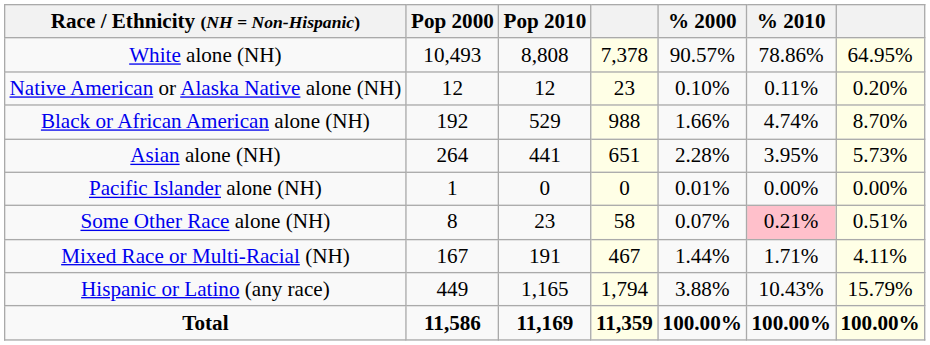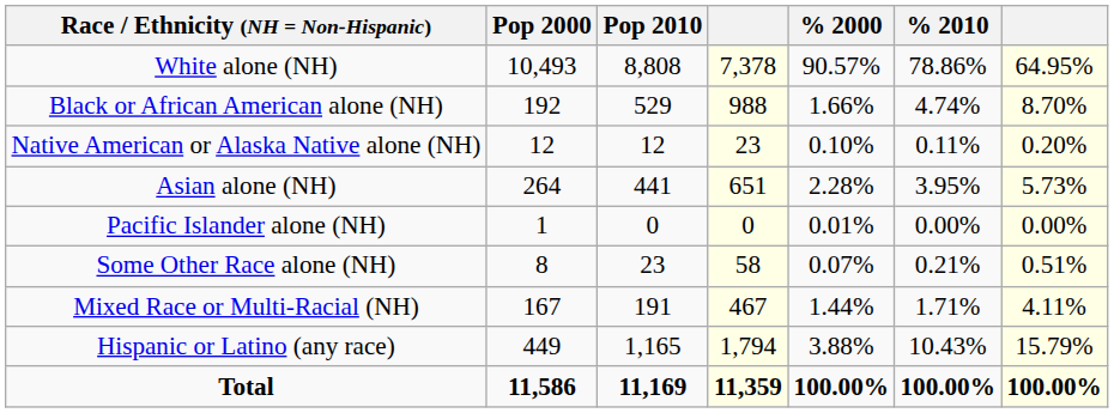 <table class="wikitable" style="text-align:center;">
 <tr>
 <th>Race / Ethnicity <small>(<em>NH = Non-Hispanic</em>)</small></th>
 <th>Pop 2000</th>
 <th>Pop 2010</th>
 <th></th>
 <th>% 2000</th>
 <th>% 2010</th>
 <th></th>
 </tr>
 <tr>
 <td><a href='#'>White</a> alone (NH)</td>
 <td>10,493</td>
 <td>8,808</td>
 <td style='background: #ffffe6;'>7,378</td>
 <td>90.57%</td>
 <td>78.86%</td>
 <td style='background: #ffffe6;'>64.95%</td>
 </tr>
 <tr>
+<td><a href='#'>Black or African American</a> alone (NH)</td>
+<td>192</td>
+<td>529</td>
+<td style='background: #ffffe6;'>988</td>
+<td>1.66%</td>
+<td>4.74%</td>
+<td style='background: #ffffe6;'>8.70%</td>
+</tr>
+<tr>
 <td><a href='#'>Native American</a> or <a href='#'>Alaska Native</a> alone (NH)</td>
 <td>12</td>
 <td>12</td>
 <td style='background: #ffffe6;'>23</td>
 <td>0.10%</td>
 <td>0.11%</td>
 <td style='background: #ffffe6;'>0.20%</td>
-</tr>
-<tr>
-<td><a href='#'>Black or African American</a> alone (NH)</td>
-<td>192</td>
-<td>529</td>
-<td style='background: #ffffe6;'>988</td>
-<td>1.66%</td>
-<td>4.74%</td>
-<td style='background: #ffffe6;'>8.70%</td>
 </tr>
 <tr>
 <td><a href='#'>Asian</a> alone (NH)</td>
 <td>264</td>
 <td>441</td>
 <td style='background: #ffffe6;'>651</td>
 <td>2.28%</td>
 <td>3.95%</td>
 <td style='background: #ffffe6;'>5.73%</td>
 </tr>
 <tr>
 <td><a href='#'>Pacific Islander</a> alone (NH)</td>
 <td>1</td>
 <td>0</td>
 <td style='background: #ffffe6;'>0</td>
 <td>0.01%</td>
 <td>0.00%</td>
 <td style='background: #ffffe6;'>0.00%</td>
 </tr>
 <tr>
 <td><a href='#'>Some Other Race</a> alone (NH)</td>
 <td>8</td>
 <td>23</td>
 <td style='background: #ffffe6;'>58</td>
 <td>0.07%</td>
-<td style="background: pink;">0.21%</td>
+<td>0.21%</td>
 <td style='background: #ffffe6;'>0.51%</td>
 </tr>
 <tr>
 <td><a href='#'>Mixed Race or Multi-Racial</a> (NH)</td>
 <td>167</td>
 <td>191</td>
 <td style='background: #ffffe6;'>467</td>
 <td>1.44%</td>
 <td>1.71%</td>
 <td style='background: #ffffe6;'>4.11%</td>
 </tr>
 <tr>
 <td><a href='#'>Hispanic or Latino</a> (any race)</td>
 <td>449</td>
 <td>1,165</td>
 <td style='background: #ffffe6;'>1,794</td>
 <td>3.88%</td>
 <td>10.43%</td>
 <td style='background: #ffffe6;'>15.79%</td>
 </tr>
 <tr>
 <td><strong>Total</strong></td>
 <td><strong>11,586</strong></td>
 <td><strong>11,169</strong></td>
 <td style='background: #ffffe6;'><strong>11,359</strong></td>
 <td><strong>100.00%</strong></td>
 <td><strong>100.00%</strong></td>
 <td style='background: #ffffe6;'><strong>100.00%</strong></td>
 </tr>
 </table>
